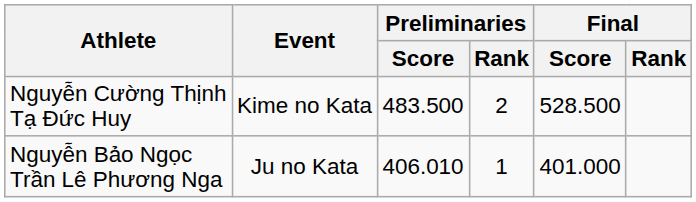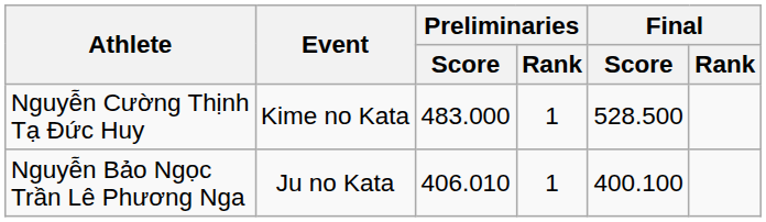 <table class="wikitable" style="font-size:90%">
 <tr>
 <th rowspan=2>Athlete</th>
 <th rowspan=2>Event</th>
 <th colspan=2=2>Preliminaries</th>
 <th colspan=2>Final</th>
 </tr>
 <tr style="font=size:95%">
 <th>Score</th>
 <th>Rank</th>
 <th>Score</th>
 <th>Rank</th>
 </tr>
 <tr align=center>
 <td align=left>Nguyễn Cường Thịnh<br>Tạ Đức Huy</td>
 <td>Kime no Kata</td>
-<td>483.500</td>
-<td>2</td>
+<td>483.000</td>
+<td>1</td>
 <td>528.500</td>
 <td></td>
 </tr>
 <tr align=center>
 <td align=left>Nguyễn Bảo Ngọc<br>Trần Lê Phương Nga</td>
 <td>Ju no Kata</td>
 <td>406.010</td>
 <td>1</td>
-<td>401.000</td>
+<td>400.100</td>
 <td></td>
 </tr>
 </table>
